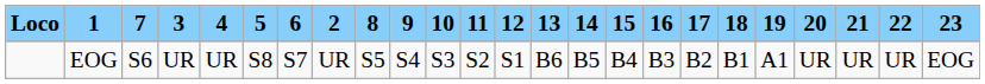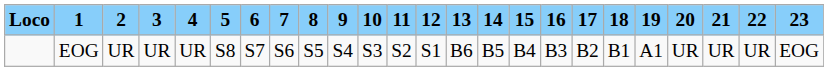 <table class="wikitable plainrowheaders unsortable" style="text-align:center">
 <tr>
 <th scope="col" rowspan="1" style="background:lightskyblue;">Loco</th>
 <th scope="col" rowspan="1" style="background:lightskyblue;">1</th>
-<th scope="col" rowspan="1" style="background:lightskyblue;">7</th>
+<th scope="col" rowspan="1" style="background:lightskyblue;">2</th>
 <th scope="col" rowspan="1" style="background:lightskyblue;">3</th>
 <th scope="col" rowspan="1" style="background:lightskyblue;">4</th>
 <th scope="col" rowspan="1" style="background:lightskyblue;">5</th>
 <th scope="col" rowspan="1" style="background:lightskyblue;">6</th>
-<th scope="col" rowspan="1" style="background:lightskyblue;">2</th>
+<th scope="col" rowspan="1" style="background:lightskyblue;">7</th>
 <th scope="col" rowspan="1" style="background:lightskyblue;">8</th>
 <th scope="col" rowspan="1" style="background:lightskyblue;">9</th>
 <th scope="col" rowspan="1" style="background:lightskyblue;">10</th>
 <th scope="col" rowspan="1" style="background:lightskyblue;">11</th>
 <th scope="col" rowspan="1" style="background:lightskyblue;">12</th>
 <th scope="col" rowspan="1" style="background:lightskyblue;">13</th>
 <th scope="col" rowspan="1" style="background:lightskyblue;">14</th>
 <th scope="col" rowspan="1" style="background:lightskyblue;">15</th>
 <th scope="col" rowspan="1" style="background:lightskyblue;">16</th>
 <th scope="col" rowspan="1" style="background:lightskyblue;">17</th>
 <th scope="col" rowspan="1" style="background:lightskyblue;">18</th>
 <th scope="col" rowspan="1" style="background:lightskyblue;">19</th>
 <th scope="col" rowspan="1" style="background:lightskyblue;">20</th>
 <th scope="col" rowspan="1" style="background:lightskyblue;">21</th>
 <th scope="col" rowspan="1" style="background:lightskyblue;">22</th>
 <th scope="col" rowspan="1" style="background:lightskyblue;">23</th>
 </tr>
 <tr>
 <td></td>
 <td>EOG</td>
-<td>S6</td>
+<td>UR</td>
 <td>UR</td>
 <td>UR</td>
 <td>S8</td>
 <td>S7</td>
-<td>UR</td>
+<td>S6</td>
 <td>S5</td>
 <td>S4</td>
 <td>S3</td>
 <td>S2</td>
 <td>S1</td>
 <td>B6</td>
 <td>B5</td>
 <td>B4</td>
 <td>B3</td>
 <td>B2</td>
 <td>B1</td>
 <td>A1</td>
 <td>UR</td>
 <td>UR</td>
 <td>UR</td>
 <td>EOG</td>
 </tr>
 </table>
